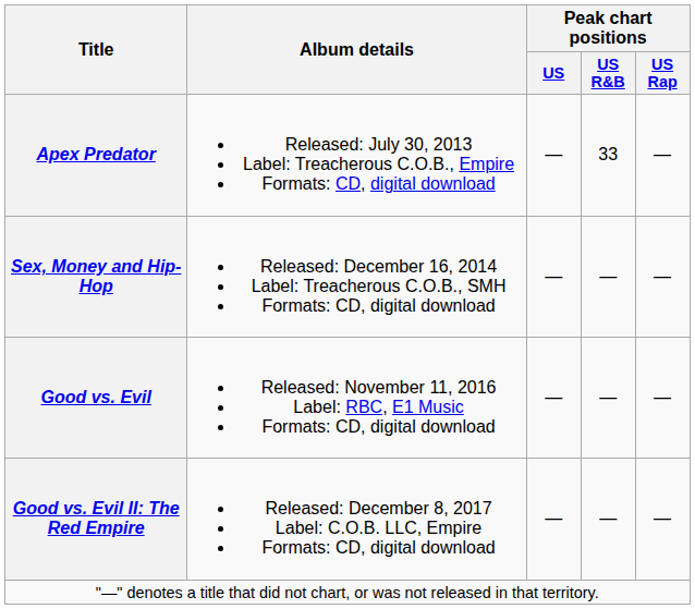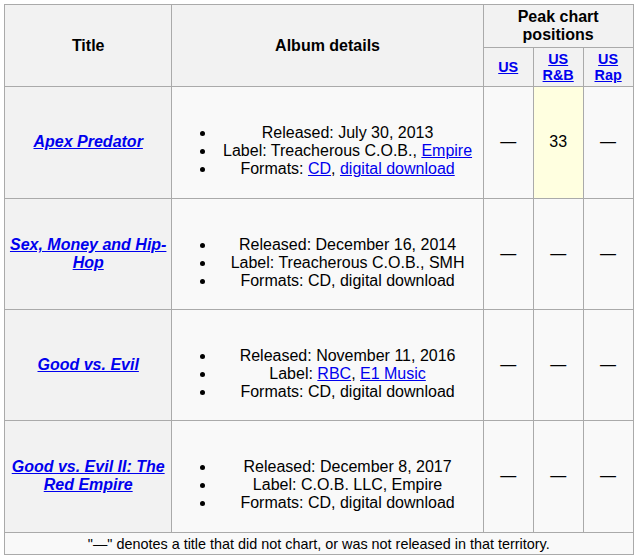 <table class="wikitable plainrowheaders" style="text-align:center;">
 <tr>
 <th scope="col" rowspan="2" style="width:10em;">Title</th>
 <th scope="col" rowspan="2" style="width:19em;">Album details</th>
 <th scope="col" colspan="3">Peak chart positions</th>
 </tr>
 <tr>
 <th scope="col" style="width:3em;font-size:90%;"><a href='#'>US</a></th>
 <th scope="col" style="width:3em;font-size:90%;"><a href='#'>US R&B</a></th>
 <th scope="col" style="width:3em;font-size:90%;"><a href='#'>US<br>Rap</a></th>
 </tr>
 <tr>
 <th scope="row"><em><a href='#'>Apex Predator</a></em></th>
 <td><br><ul><li>Released: July 30, 2013</li><li>Label: Treacherous C.O.B., <a href='#'>Empire</a></li><li>Formats: <a href='#'>CD</a>, <a href='#'>digital download</a></li></ul></td>
 <td>—</td>
-<td>33</td>
+<td style="background: lightyellow;">33</td>
 <td>—</td>
 </tr>
 <tr>
 <th scope="row"><em><a href='#'>Sex, Money and Hip-Hop</a></em></th>
 <td><br><ul><li>Released: December 16, 2014</li><li>Label: Treacherous C.O.B., SMH</li><li>Formats: CD, digital download</li></ul></td>
 <td>—</td>
 <td>—</td>
 <td>—</td>
 </tr>
 <tr>
 <th scope="row"><em><a href='#'>Good vs. Evil</a></em></th>
 <td><br><ul><li>Released: November 11, 2016</li><li>Label: <a href='#'>RBC</a>, <a href='#'>E1 Music</a></li><li>Formats: CD, digital download</li></ul></td>
 <td>—</td>
 <td>—</td>
 <td>—</td>
 </tr>
 <tr>
 <th scope="row"><em><a href='#'>Good vs. Evil II: The Red Empire</a></em></th>
 <td><br><ul><li>Released: December 8, 2017</li><li>Label: C.O.B. LLC, Empire</li><li>Formats: CD, digital download</li></ul></td>
 <td>—</td>
 <td>—</td>
 <td>—</td>
 </tr>
 <tr>
 <td colspan="14" style="font-size:90%">"—" denotes a title that did not chart, or was not released in that territory.</td>
 </tr>
 </table>
